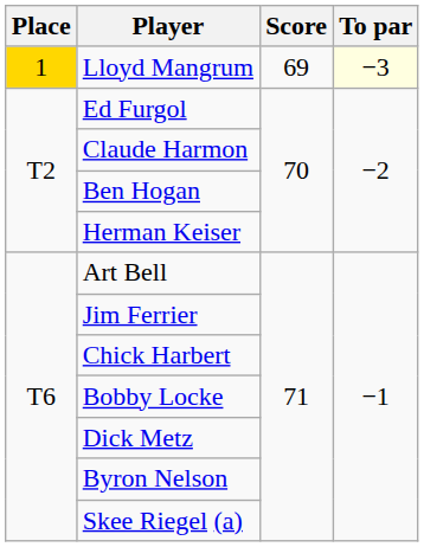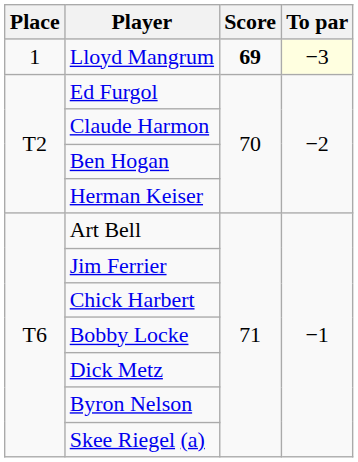 <table class="wikitable">
 <tr>
 <th>Place</th>
 <th>Player</th>
 <th>Score</th>
 <th>To par</th>
 </tr>
 <tr>
-<td align="center" style="background: gold;">1</td>
+<td align="center">1</td>
 <td> <a href='#'>Lloyd Mangrum</a></td>
-<td align="center">69</td>
+<td align="center"><strong>69</strong></td>
 <td align="center" style="background: lightyellow;">−3</td>
 </tr>
 <tr>
 <td rowspan="4" align="center">T2</td>
 <td> <a href='#'>Ed Furgol</a></td>
 <td rowspan="4" align="center">70</td>
 <td rowspan="4" align="center">−2</td>
 </tr>
 <tr>
 <td> <a href='#'>Claude Harmon</a></td>
 </tr>
 <tr>
 <td> <a href='#'>Ben Hogan</a></td>
 </tr>
 <tr>
 <td> <a href='#'>Herman Keiser</a></td>
 </tr>
 <tr>
 <td rowspan="7" align="center">T6</td>
 <td> Art Bell</td>
 <td rowspan="7" align="center">71</td>
 <td rowspan="7" align="center">−1</td>
 </tr>
 <tr>
 <td> <a href='#'>Jim Ferrier</a></td>
 </tr>
 <tr>
 <td> <a href='#'>Chick Harbert</a></td>
 </tr>
 <tr>
 <td> <a href='#'>Bobby Locke</a></td>
 </tr>
 <tr>
 <td> <a href='#'>Dick Metz</a></td>
 </tr>
 <tr>
 <td> <a href='#'>Byron Nelson</a></td>
 </tr>
 <tr>
 <td> <a href='#'>Skee Riegel</a> <a href='#'>(a)</a></td>
 </tr>
 </table>
